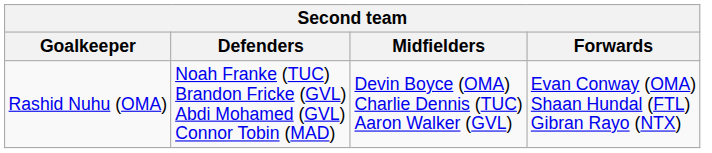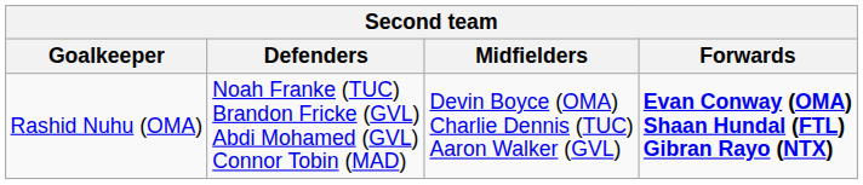 <table class="wikitable">
 <tr>
 <th colspan="4">Second team</th>
 </tr>
 <tr>
 <th>Goalkeeper</th>
 <th>Defenders</th>
 <th>Midfielders</th>
 <th>Forwards</th>
 </tr>
 <tr>
 <td> <a href='#'>Rashid Nuhu</a> (<a href='#'>OMA</a>)</td>
 <td> <a href='#'>Noah Franke</a> (<a href='#'>TUC</a>)<br> <a href='#'>Brandon Fricke</a> (<a href='#'>GVL</a>)<br> <a href='#'>Abdi Mohamed</a> (<a href='#'>GVL</a>)<br> <a href='#'>Connor Tobin</a> (<a href='#'>MAD</a>)</td>
 <td> <a href='#'>Devin Boyce</a> (<a href='#'>OMA</a>)<br> <a href='#'>Charlie Dennis</a> (<a href='#'>TUC</a>)<br> <a href='#'>Aaron Walker</a> (<a href='#'>GVL</a>)</td>
-<td> <a href='#'>Evan Conway</a> (<a href='#'>OMA</a>)<br> <a href='#'>Shaan Hundal</a> (<a href='#'>FTL</a>)<br> <a href='#'>Gibran Rayo</a> (<a href='#'>NTX</a>)</td>
+<td><strong> <a href='#'>Evan Conway</a> (<a href='#'>OMA</a>)<br> <a href='#'>Shaan Hundal</a> (<a href='#'>FTL</a>)<br> <a href='#'>Gibran Rayo</a> (<a href='#'>NTX</a>)</strong></td>
 </tr>
 </table>
